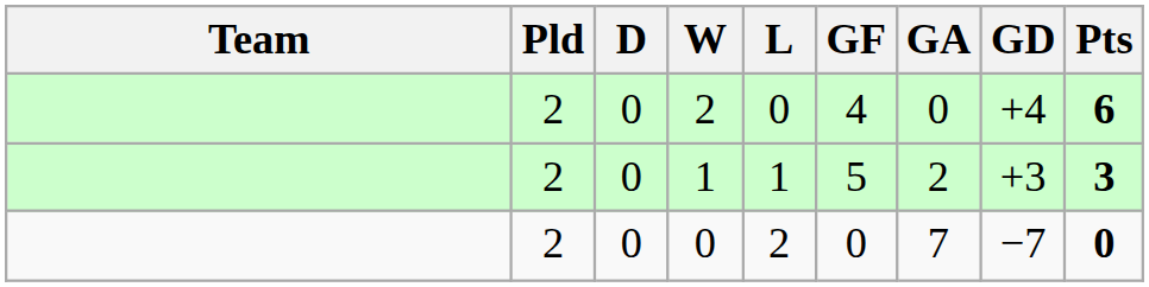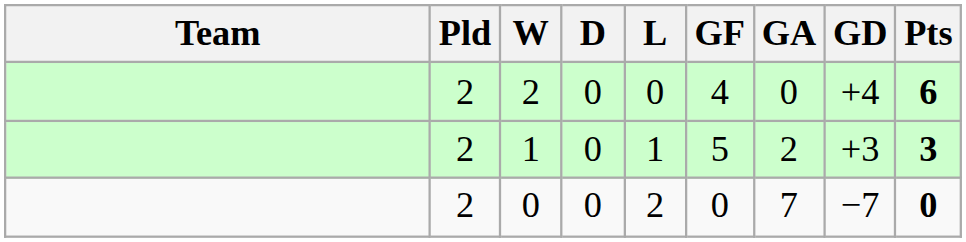 <table class="wikitable" style="text-align:center;">
 <tr>
 <th width=180>Team</th>
 <th width=20>Pld</th>
+<th width=20>W</th>
 <th width=20>D</th>
-<th width=20>W</th>
 <th width=20>L</th>
 <th width=20>GF</th>
 <th width=20>GA</th>
 <th width=20>GD</th>
 <th width=20>Pts </th>
 </tr>
 <tr style="background:#ccffcc">
 <td style="text-align:left;"></td>
 <td>2</td>
+<td>2</td>
 <td>0</td>
-<td>2</td>
 <td>0</td>
 <td>4</td>
 <td>0</td>
 <td>+4</td>
 <td><strong>6</strong></td>
 </tr>
 <tr style="background:#ccffcc">
 <td style="text-align:left;"></td>
 <td>2</td>
+<td>1</td>
 <td>0</td>
-<td>1</td>
 <td>1</td>
 <td>5</td>
 <td>2</td>
 <td>+3</td>
 <td><strong>3</strong></td>
 </tr>
 <tr>
 <td style="text-align:left;"></td>
 <td>2</td>
 <td>0</td>
 <td>0</td>
 <td>2</td>
 <td>0</td>
 <td>7</td>
 <td>−7</td>
 <td><strong>0</strong></td>
 </tr>
 </table>
